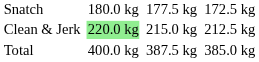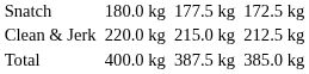 <table>
 <tr>
 <td>Snatch</td>
 <td></td>
 <td>180.0 kg</td>
 <td></td>
 <td>177.5 kg</td>
 <td></td>
 <td>172.5 kg</td>
 </tr>
 <tr>
 <td>Clean & Jerk</td>
 <td></td>
-<td style="background: lightgreen;">220.0 kg</td>
+<td>220.0 kg</td>
 <td></td>
 <td>215.0 kg</td>
 <td></td>
 <td>212.5 kg</td>
 </tr>
 <tr>
 <td>Total</td>
 <td></td>
 <td>400.0 kg</td>
 <td></td>
 <td>387.5 kg</td>
 <td></td>
 <td>385.0 kg</td>
 </tr>
 </table>
